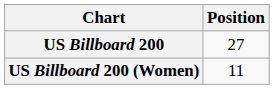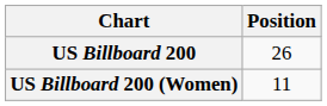 <table class="wikitable sortable plainrowheaders" style="text-align:center;">
 <tr>
 <th scope="col">Chart</th>
 <th scope="col">Position</th>
 </tr>
 <tr>
 <th scope="row">US <em>Billboard</em> 200</th>
-<td>27</td>
+<td>26</td>
 </tr>
 <tr>
 <th scope="row">US <em>Billboard</em> 200 (Women)</th>
 <td>11</td>
 </tr>
 </table>
